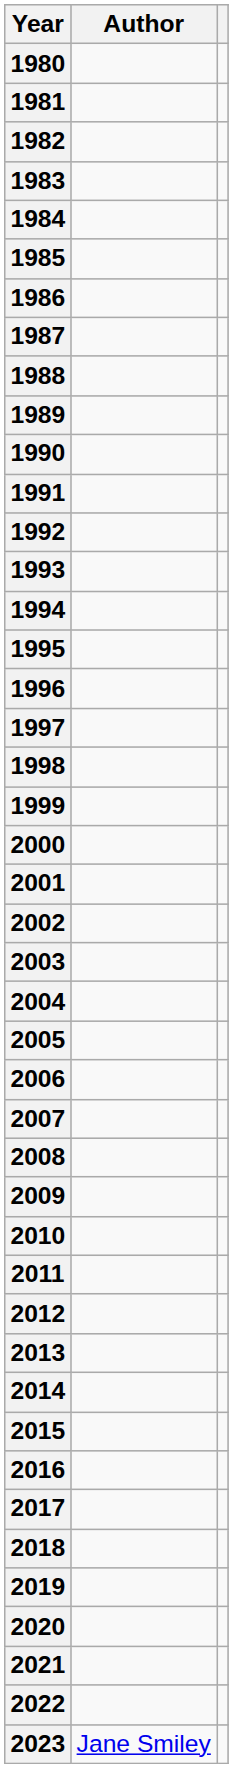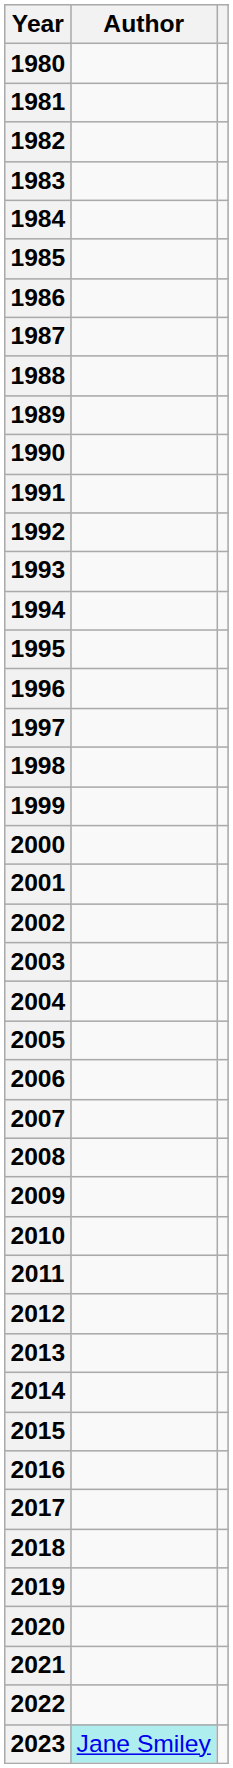 <table class="wikitable sortable mw-collapsible">
 <tr>
 <th scope="col">Year</th>
 <th scope="col">Author</th>
 <th scope="col"></th>
 </tr>
 <tr>
 <th>1980</th>
 <td></td>
 <td></td>
 </tr>
 <tr>
 <th>1981</th>
 <td></td>
 <td></td>
 </tr>
 <tr>
 <th>1982</th>
 <td></td>
 <td></td>
 </tr>
 <tr>
 <th>1983</th>
 <td></td>
 <td></td>
 </tr>
 <tr>
 <th>1984</th>
 <td></td>
 <td></td>
 </tr>
 <tr>
 <th>1985</th>
 <td></td>
 <td></td>
 </tr>
 <tr>
 <th>1986</th>
 <td></td>
 <td></td>
 </tr>
 <tr>
 <th>1987</th>
 <td></td>
 <td></td>
 </tr>
 <tr>
 <th>1988</th>
 <td></td>
 <td></td>
 </tr>
 <tr>
 <th>1989</th>
 <td></td>
 <td></td>
 </tr>
 <tr>
 <th>1990</th>
 <td></td>
 <td></td>
 </tr>
 <tr>
 <th>1991</th>
 <td></td>
 <td></td>
 </tr>
 <tr>
 <th>1992</th>
 <td></td>
 <td></td>
 </tr>
 <tr>
 <th>1993</th>
 <td></td>
 <td></td>
 </tr>
 <tr>
 <th>1994</th>
 <td></td>
 <td></td>
 </tr>
 <tr>
 <th>1995</th>
 <td></td>
 <td></td>
 </tr>
 <tr>
 <th>1996</th>
 <td></td>
 <td></td>
 </tr>
 <tr>
 <th>1997</th>
 <td></td>
 <td></td>
 </tr>
 <tr>
 <th>1998</th>
 <td></td>
 <td></td>
 </tr>
 <tr>
 <th>1999</th>
 <td></td>
 <td></td>
 </tr>
 <tr>
 <th>2000</th>
 <td></td>
 <td></td>
 </tr>
 <tr>
 <th>2001</th>
 <td></td>
 <td></td>
 </tr>
 <tr>
 <th>2002</th>
 <td></td>
 <td></td>
 </tr>
 <tr>
 <th>2003</th>
 <td></td>
 <td></td>
 </tr>
 <tr>
 <th>2004</th>
 <td></td>
 <td></td>
 </tr>
 <tr>
 <th>2005</th>
 <td></td>
 <td></td>
 </tr>
 <tr>
 <th>2006</th>
 <td></td>
 <td></td>
 </tr>
 <tr>
 <th>2007</th>
 <td></td>
 <td></td>
 </tr>
 <tr>
 <th>2008</th>
 <td></td>
 <td></td>
 </tr>
 <tr>
 <th>2009</th>
 <td></td>
 <td></td>
 </tr>
 <tr>
 <th>2010</th>
 <td></td>
 <td></td>
 </tr>
 <tr>
 <th>2011</th>
 <td></td>
 <td></td>
 </tr>
 <tr>
 <th>2012</th>
 <td></td>
 <td></td>
 </tr>
 <tr>
 <th>2013</th>
 <td></td>
 <td></td>
 </tr>
 <tr>
 <th>2014</th>
 <td></td>
 <td></td>
 </tr>
 <tr>
 <th>2015</th>
 <td></td>
 <td></td>
 </tr>
 <tr>
 <th>2016</th>
 <td></td>
 <td></td>
 </tr>
 <tr>
 <th>2017</th>
 <td></td>
 <td></td>
 </tr>
 <tr>
 <th>2018</th>
 <td></td>
 <td></td>
 </tr>
 <tr>
 <th>2019</th>
 <td></td>
 <td></td>
 </tr>
 <tr>
 <th>2020</th>
 <td></td>
 <td></td>
 </tr>
 <tr>
 <th>2021</th>
 <td></td>
 <td></td>
 </tr>
 <tr>
 <th>2022</th>
 <td></td>
 <td></td>
 </tr>
 <tr>
 <th>2023</th>
-<td><a href='#'>Jane Smiley</a></td>
+<td style="background: paleturquoise;"><a href='#'>Jane Smiley</a></td>
 <td></td>
 </tr>
 </table>
